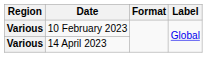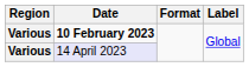 <table class="wikitable plainrowheaders">
 <tr>
 <th scope="col">Region</th>
 <th scope="col">Date</th>
 <th scope="col">Format</th>
 <th scope="col">Label</th>
 </tr>
 <tr>
 <th scope="row">Various</th>
-<td>10 February 2023</td>
+<td><strong>10 February 2023</strong></td>
 <td rowspan="2"></td>
 <td rowspan="2"><a href='#'>Global</a></td>
 </tr>
 <tr>
 <th scope="row">Various</th>
-<td>14 April 2023</td>
+<td style="background: lavender;">14 April 2023</td>
 </tr>
 </table>
